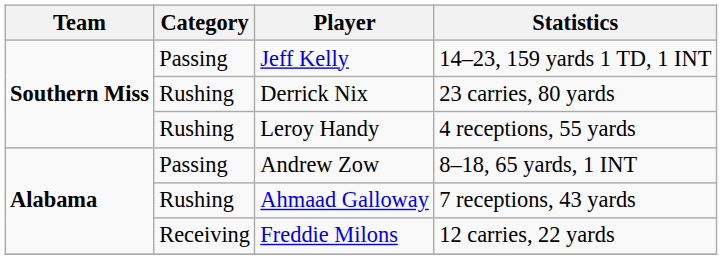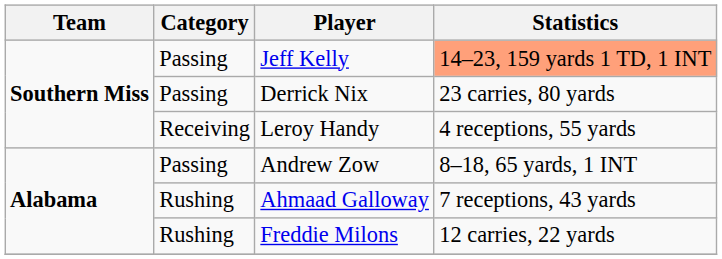 <table class="wikitable" style="float: right;">
 <tr>
 <th>Team</th>
 <th>Category</th>
 <th>Player</th>
 <th>Statistics</th>
 </tr>
 <tr>
 <td rowspan=3><strong>Southern Miss</strong></td>
 <td>Passing</td>
 <td><a href='#'>Jeff Kelly</a></td>
-<td>14–23, 159 yards 1 TD, 1 INT</td>
+<td style="background: lightsalmon;">14–23, 159 yards 1 TD, 1 INT</td>
 </tr>
 <tr>
-<td>Rushing</td>
+<td>Passing</td>
 <td>Derrick Nix</td>
 <td>23 carries, 80 yards</td>
 </tr>
 <tr>
-<td>Rushing</td>
+<td>Receiving</td>
 <td>Leroy Handy</td>
 <td>4 receptions, 55 yards</td>
 </tr>
 <tr>
 <td rowspan=3><strong>Alabama</strong></td>
 <td>Passing</td>
 <td>Andrew Zow</td>
 <td>8–18, 65 yards, 1 INT</td>
 </tr>
 <tr>
 <td>Rushing</td>
 <td><a href='#'>Ahmaad Galloway</a></td>
 <td>7 receptions, 43 yards</td>
 </tr>
 <tr>
-<td>Receiving</td>
+<td>Rushing</td>
 <td><a href='#'>Freddie Milons</a></td>
 <td>12 carries, 22 yards</td>
 </tr>
 <tr>
 </tr>
 </table>
